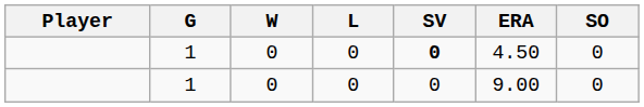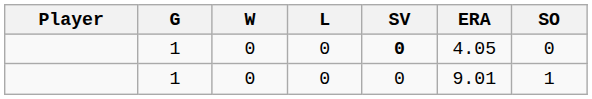 <table class="wikitable sortable">
 <tr>
 <th bgcolor="#DDDDFF" width="16%">Player</th>
 <th bgcolor="#DDDDFF" width="9%">G</th>
 <th bgcolor="#DDDDFF" width="9%">W</th>
 <th bgcolor="#DDDDFF" width="9%">L</th>
 <th bgcolor="#DDDDFF" width="9%">SV</th>
 <th bgcolor="#DDDDFF" width="9%">ERA</th>
 <th bgcolor="#DDDDFF" width="9%">SO</th>
 </tr>
 <tr align="center">
 <td></td>
 <td>1</td>
 <td>0</td>
 <td>0</td>
 <td><strong>0</strong></td>
-<td>4.50</td>
+<td>4.05</td>
 <td>0</td>
 </tr>
 <tr align="center">
 <td></td>
 <td>1</td>
 <td>0</td>
 <td>0</td>
 <td>0</td>
-<td>9.00</td>
-<td>0</td>
+<td>9.01</td>
+<td>1</td>
 </tr>
 </table>
